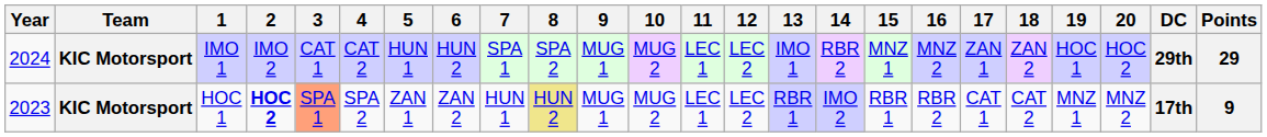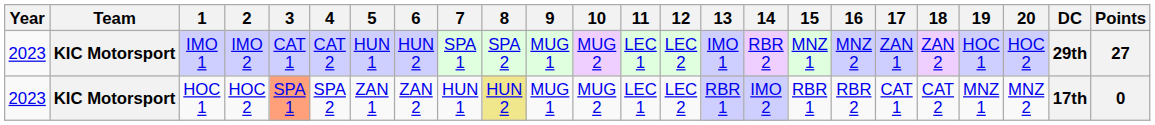 <table class="wikitable" style="text-align:center; font-size:85%;">
 <tr>
 <th>Year</th>
 <th>Team</th>
 <th>1</th>
 <th>2</th>
 <th>3</th>
 <th>4</th>
 <th>5</th>
 <th>6</th>
 <th>7</th>
 <th>8</th>
 <th>9</th>
 <th>10</th>
 <th>11</th>
 <th>12</th>
 <th>13</th>
 <th>14</th>
 <th>15</th>
 <th>16</th>
 <th>17</th>
 <th>18</th>
 <th>19</th>
 <th>20</th>
 <th>DC</th>
 <th>Points</th>
 </tr>
 <tr>
-<td><a href='#'>2024</a></td>
+<td><a href='#'>2023</a></td>
 <th nowrap>KIC Motorsport</th>
 <td style="background:#CFCFFF;"><a href='#'>IMO<br>1</a><br></td>
 <td style="background:#CFCFFF;"><a href='#'>IMO<br>2</a><br></td>
 <td style="background:#CFCFFF;"><a href='#'>CAT<br>1</a><br></td>
 <td style="background:#CFCFFF;"><a href='#'>CAT<br>2</a><br></td>
 <td style="background:#CFCFFF;"><a href='#'>HUN<br>1</a><br></td>
 <td style="background:#CFCFFF;"><a href='#'>HUN<br>2</a><br></td>
 <td style="background:#DFFFDF;"><a href='#'>SPA<br>1</a><br></td>
 <td style="background:#DFFFDF;"><a href='#'>SPA<br>2</a><br></td>
 <td style="background:#DFFFDF;"><a href='#'>MUG<br>1</a><br></td>
 <td style="background:#EFCFFF;"><a href='#'>MUG<br>2</a><br></td>
 <td style="background:#DFFFDF;"><a href='#'>LEC<br>1</a><br></td>
 <td style="background:#DFFFDF;"><a href='#'>LEC<br>2</a><br></td>
 <td style="background:#CFCFFF;"><a href='#'>IMO<br>1</a><br></td>
 <td style="background:#EFCFFF;"><a href='#'>RBR<br>2</a><br></td>
 <td style="background:#DFFFDF;"><a href='#'>MNZ<br>1</a><br></td>
 <td style="background:#CFCFFF;"><a href='#'>MNZ<br>2</a><br></td>
 <td style="background:#CFCFFF;"><a href='#'>ZAN<br>1</a><br></td>
 <td style="background:#EFCFFF;"><a href='#'>ZAN<br>2</a><br></td>
 <td style="background:#CFCFFF;"><a href='#'>HOC<br>1</a><br></td>
 <td style="background:#CFCFFF;"><a href='#'>HOC<br>2</a><br></td>
 <th>29th</th>
-<th>29</th>
+<th>27</th>
 </tr>
 <tr>
 <td><a href='#'>2023</a></td>
 <th>KIC Motorsport</th>
 <td><a href='#'>HOC<br>1</a></td>
-<td><strong><a href='#'>HOC<br>2</a></strong></td>
+<td><a href='#'>HOC<br>2</a></td>
 <td style="background: lightsalmon;"><a href='#'>SPA<br>1</a></td>
 <td><a href='#'>SPA<br>2</a></td>
 <td><a href='#'>ZAN<br>1</a></td>
 <td><a href='#'>ZAN<br>2</a></td>
 <td><a href='#'>HUN<br>1</a></td>
 <td style="background: khaki;"><a href='#'>HUN<br>2</a></td>
 <td><a href='#'>MUG<br>1</a></td>
 <td><a href='#'>MUG<br>2</a></td>
 <td><a href='#'>LEC<br>1</a></td>
 <td><a href='#'>LEC<br>2</a></td>
 <td style="background:#CFCFFF;"><a href='#'>RBR<br>1</a><br></td>
 <td style="background:#CFCFFF;"><a href='#'>IMO<br>2</a><br></td>
 <td><a href='#'>RBR<br>1</a></td>
 <td><a href='#'>RBR<br>2</a></td>
 <td><a href='#'>CAT<br>1</a></td>
 <td><a href='#'>CAT<br>2</a></td>
 <td><a href='#'>MNZ<br>1</a></td>
 <td><a href='#'>MNZ<br>2</a></td>
 <th>17th</th>
-<th>9</th>
+<th>0</th>
 </tr>
 </table>
